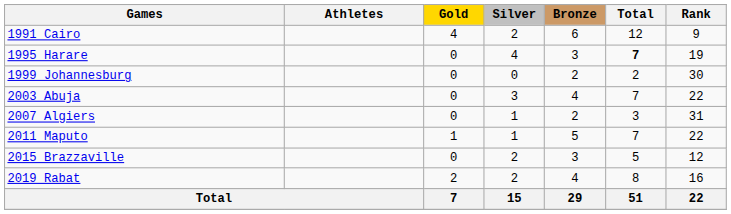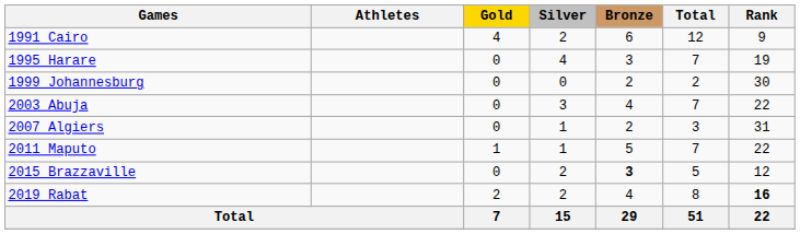 <table class="wikitable" width=55% style="font-size:90%; text-align:center;">
 <tr>
 <th>Games</th>
 <th>Athletes</th>
 <td style="background:gold; width:4.5em; font-weight:bold;">Gold</td>
 <td style="background:silver; width:4.5em; font-weight:bold;">Silver</td>
 <td style="background:#cc9966; width:4.5em; font-weight:bold;">Bronze</td>
 <th style="width:4.5em; font-weight:bold;">Total</th>
 <th style="width:4.5em; font-weight:bold;">Rank</th>
 </tr>
 <tr>
 <td align=left><a href='#'>1991 Cairo</a></td>
 <td></td>
 <td>4</td>
 <td>2</td>
 <td>6</td>
 <td>12</td>
 <td>9</td>
 </tr>
 <tr>
 <td align=left><a href='#'>1995 Harare</a></td>
 <td></td>
 <td>0</td>
 <td>4</td>
 <td>3</td>
-<td><strong>7</strong></td>
+<td>7</td>
 <td>19</td>
 </tr>
 <tr>
 <td align=left><a href='#'>1999 Johannesburg</a></td>
 <td></td>
 <td>0</td>
 <td>0</td>
 <td>2</td>
 <td>2</td>
 <td>30</td>
 </tr>
 <tr>
 <td align=left><a href='#'>2003 Abuja</a></td>
 <td></td>
 <td>0</td>
 <td>3</td>
 <td>4</td>
 <td>7</td>
 <td>22</td>
 </tr>
 <tr>
 <td align=left><a href='#'>2007 Algiers</a></td>
 <td></td>
 <td>0</td>
 <td>1</td>
 <td>2</td>
 <td>3</td>
 <td>31</td>
 </tr>
 <tr>
 <td align=left><a href='#'>2011 Maputo</a></td>
 <td></td>
 <td>1</td>
 <td>1</td>
 <td>5</td>
 <td>7</td>
 <td>22</td>
 </tr>
 <tr>
 <td align=left><a href='#'>2015 Brazzaville</a></td>
 <td></td>
 <td>0</td>
 <td>2</td>
-<td>3</td>
+<td><strong>3</strong></td>
 <td>5</td>
 <td>12</td>
 </tr>
 <tr>
 <td align=left><a href='#'>2019 Rabat</a></td>
 <td></td>
 <td>2</td>
 <td>2</td>
 <td>4</td>
 <td>8</td>
-<td>16</td>
+<td><strong>16</strong></td>
 </tr>
 <tr style="width:4em;">
 <th colspan=2>Total</th>
 <th>7</th>
 <th>15</th>
 <th>29</th>
 <th>51</th>
 <th>22</th>
 </tr>
 <tr class="sortbottom">
 </tr>
 </table>
